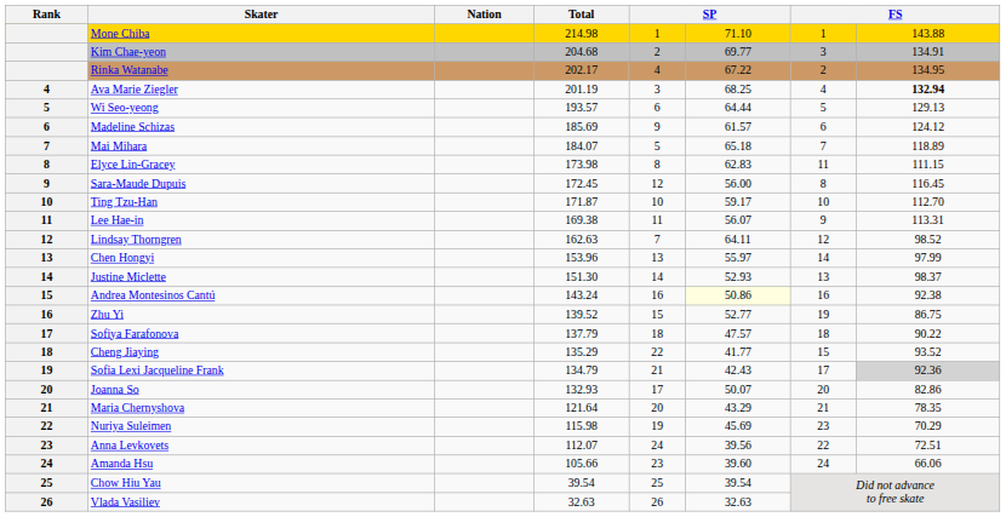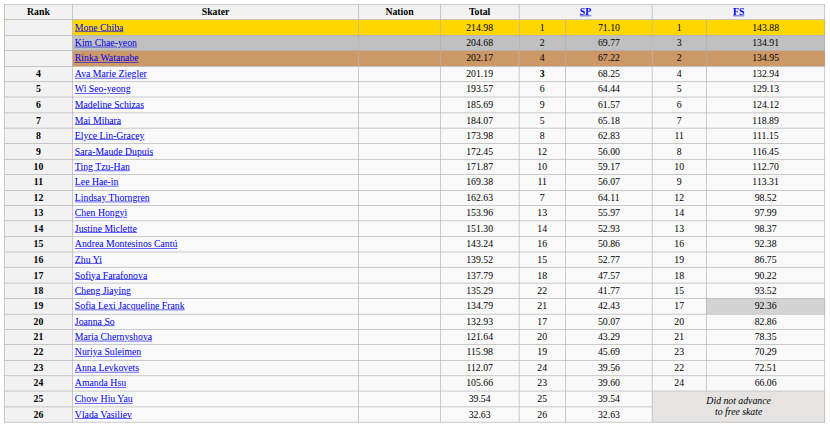 <table class="wikitable sortable" style="text-align:center; width:85%">
 <tr>
 <th scope="col">Rank</th>
 <th scope="col">Skater</th>
 <th scope="col">Nation</th>
 <th scope="col">Total</th>
 <th scope="col" colspan="2" width="80px"><a href='#'>SP</a></th>
 <th scope="col" colspan="2" width="80px"><a href='#'>FS</a></th>
 </tr>
 <tr bgcolor="gold">
 <th scope="row"></th>
 <td align="left"><a href='#'>Mone Chiba</a></td>
 <td align="left"></td>
 <td>214.98</td>
 <td>1</td>
 <td>71.10</td>
 <td>1</td>
 <td align="center">143.88</td>
 </tr>
 <tr bgcolor="silver">
 <th scope="row"></th>
 <td align="left"><a href='#'>Kim Chae-yeon</a></td>
 <td align="left"></td>
 <td>204.68</td>
 <td>2</td>
 <td>69.77</td>
 <td>3</td>
 <td>134.91</td>
 </tr>
 <tr bgcolor="#cc9966">
 <th scope="row"></th>
 <td align="left"><a href='#'>Rinka Watanabe</a></td>
 <td align="left"></td>
 <td>202.17</td>
 <td>4</td>
 <td>67.22</td>
 <td>2</td>
 <td>134.95</td>
 </tr>
 <tr>
 <th scope="row">4</th>
 <td align="left"><a href='#'>Ava Marie Ziegler</a></td>
 <td align="left"></td>
 <td>201.19</td>
-<td>3</td>
+<td><strong>3</strong></td>
 <td>68.25</td>
 <td>4</td>
-<td><strong>132.94</strong></td>
+<td>132.94</td>
 </tr>
 <tr>
 <th scope="row">5</th>
 <td align="left"><a href='#'>Wi Seo-yeong</a></td>
 <td align="left"></td>
 <td>193.57</td>
 <td>6</td>
 <td>64.44</td>
 <td>5</td>
 <td>129.13</td>
 </tr>
 <tr>
 <th scope="row">6</th>
 <td align="left"><a href='#'>Madeline Schizas</a></td>
 <td align="left"></td>
 <td>185.69</td>
 <td>9</td>
 <td>61.57</td>
 <td>6</td>
 <td>124.12</td>
 </tr>
 <tr>
 <th scope="row">7</th>
 <td align="left"><a href='#'>Mai Mihara</a></td>
 <td align="left"></td>
 <td>184.07</td>
 <td>5</td>
 <td>65.18</td>
 <td>7</td>
 <td>118.89</td>
 </tr>
 <tr>
 <th scope="row">8</th>
 <td align="left"><a href='#'>Elyce Lin-Gracey</a></td>
 <td align="left"></td>
 <td>173.98</td>
 <td>8</td>
 <td>62.83</td>
 <td>11</td>
 <td>111.15</td>
 </tr>
 <tr>
 <th scope="row">9</th>
 <td align="left"><a href='#'>Sara-Maude Dupuis</a></td>
 <td align="left"></td>
 <td>172.45</td>
 <td>12</td>
 <td>56.00</td>
 <td>8</td>
 <td>116.45</td>
 </tr>
 <tr>
 <th scope="row">10</th>
 <td align="left"><a href='#'>Ting Tzu-Han</a></td>
 <td align="left"></td>
 <td>171.87</td>
 <td>10</td>
 <td>59.17</td>
 <td>10</td>
 <td>112.70</td>
 </tr>
 <tr>
 <th scope="row">11</th>
 <td align="left"><a href='#'>Lee Hae-in</a></td>
 <td align="left"></td>
 <td>169.38</td>
 <td>11</td>
 <td>56.07</td>
 <td>9</td>
 <td>113.31</td>
 </tr>
 <tr>
 <th scope="row">12</th>
 <td align="left"><a href='#'>Lindsay Thorngren</a></td>
 <td align="left"></td>
 <td>162.63</td>
 <td>7</td>
 <td>64.11</td>
 <td>12</td>
 <td>98.52</td>
 </tr>
 <tr>
 <th scope="row">13</th>
 <td align="left"><a href='#'>Chen Hongyi</a></td>
 <td align="left"></td>
 <td>153.96</td>
 <td>13</td>
 <td>55.97</td>
 <td>14</td>
 <td>97.99</td>
 </tr>
 <tr>
 <th scope="row">14</th>
 <td align="left"><a href='#'>Justine Miclette</a></td>
 <td align="left"></td>
 <td>151.30</td>
 <td>14</td>
 <td>52.93</td>
 <td>13</td>
 <td>98.37</td>
 </tr>
 <tr>
 <th scope="row">15</th>
 <td align="left"><a href='#'>Andrea Montesinos Cantú</a></td>
 <td align="left"></td>
 <td>143.24</td>
 <td>16</td>
-<td style="background: lightyellow;">50.86</td>
+<td>50.86</td>
 <td>16</td>
 <td>92.38</td>
 </tr>
 <tr>
 <th scope="row">16</th>
 <td align="left"><a href='#'>Zhu Yi</a></td>
 <td align="left"></td>
 <td>139.52</td>
 <td>15</td>
 <td>52.77</td>
 <td>19</td>
 <td>86.75</td>
 </tr>
 <tr>
 <th scope="row">17</th>
 <td align="left"><a href='#'>Sofiya Farafonova</a></td>
 <td align="left"></td>
 <td>137.79</td>
 <td>18</td>
 <td>47.57</td>
 <td>18</td>
 <td>90.22</td>
 </tr>
 <tr>
 <th scope="row">18</th>
 <td align="left"><a href='#'>Cheng Jiaying</a></td>
 <td align="left"></td>
 <td>135.29</td>
 <td>22</td>
 <td>41.77</td>
 <td>15</td>
 <td>93.52</td>
 </tr>
 <tr>
 <th scope="row">19</th>
 <td align="left"><a href='#'>Sofia Lexi Jacqueline Frank</a></td>
 <td align="left"></td>
 <td>134.79</td>
 <td>21</td>
 <td>42.43</td>
 <td>17</td>
 <td style="background: lightgrey;">92.36</td>
 </tr>
 <tr>
 <th scope="row">20</th>
 <td align="left"><a href='#'>Joanna So</a></td>
 <td align="left"></td>
 <td>132.93</td>
 <td>17</td>
 <td>50.07</td>
 <td>20</td>
 <td>82.86</td>
 </tr>
 <tr>
 <th scope="row">21</th>
 <td align="left"><a href='#'>Maria Chernyshova</a></td>
 <td align="left"></td>
 <td>121.64</td>
 <td>20</td>
 <td>43.29</td>
 <td>21</td>
 <td>78.35</td>
 </tr>
 <tr>
 <th scope="row">22</th>
 <td align="left"><a href='#'>Nuriya Suleimen</a></td>
 <td align="left"></td>
 <td>115.98</td>
 <td>19</td>
 <td>45.69</td>
 <td>23</td>
 <td>70.29</td>
 </tr>
 <tr>
 <th scope="row">23</th>
 <td align="left"><a href='#'>Anna Levkovets</a></td>
 <td align="left"></td>
 <td>112.07</td>
 <td>24</td>
 <td>39.56</td>
 <td>22</td>
 <td>72.51</td>
 </tr>
 <tr>
 <th scope="row">24</th>
 <td align="left"><a href='#'>Amanda Hsu</a></td>
 <td align="left"></td>
 <td>105.66</td>
 <td>23</td>
 <td>39.60</td>
 <td>24</td>
 <td>66.06</td>
 </tr>
 <tr>
 <th scope="row">25</th>
 <td align="left"><a href='#'>Chow Hiu Yau</a></td>
 <td align="left"></td>
 <td>39.54</td>
 <td>25</td>
 <td>39.54</td>
 <td colspan="2" rowspan="2" bgcolor="e5e4e2" align="center"><em>Did not advance<br>to free skate</em></td>
 </tr>
 <tr>
 <th scope="row">26</th>
 <td align="left"><a href='#'>Vlada Vasiliev</a></td>
 <td align="left"></td>
 <td>32.63</td>
 <td>26</td>
 <td>32.63</td>
 </tr>
 </table>
